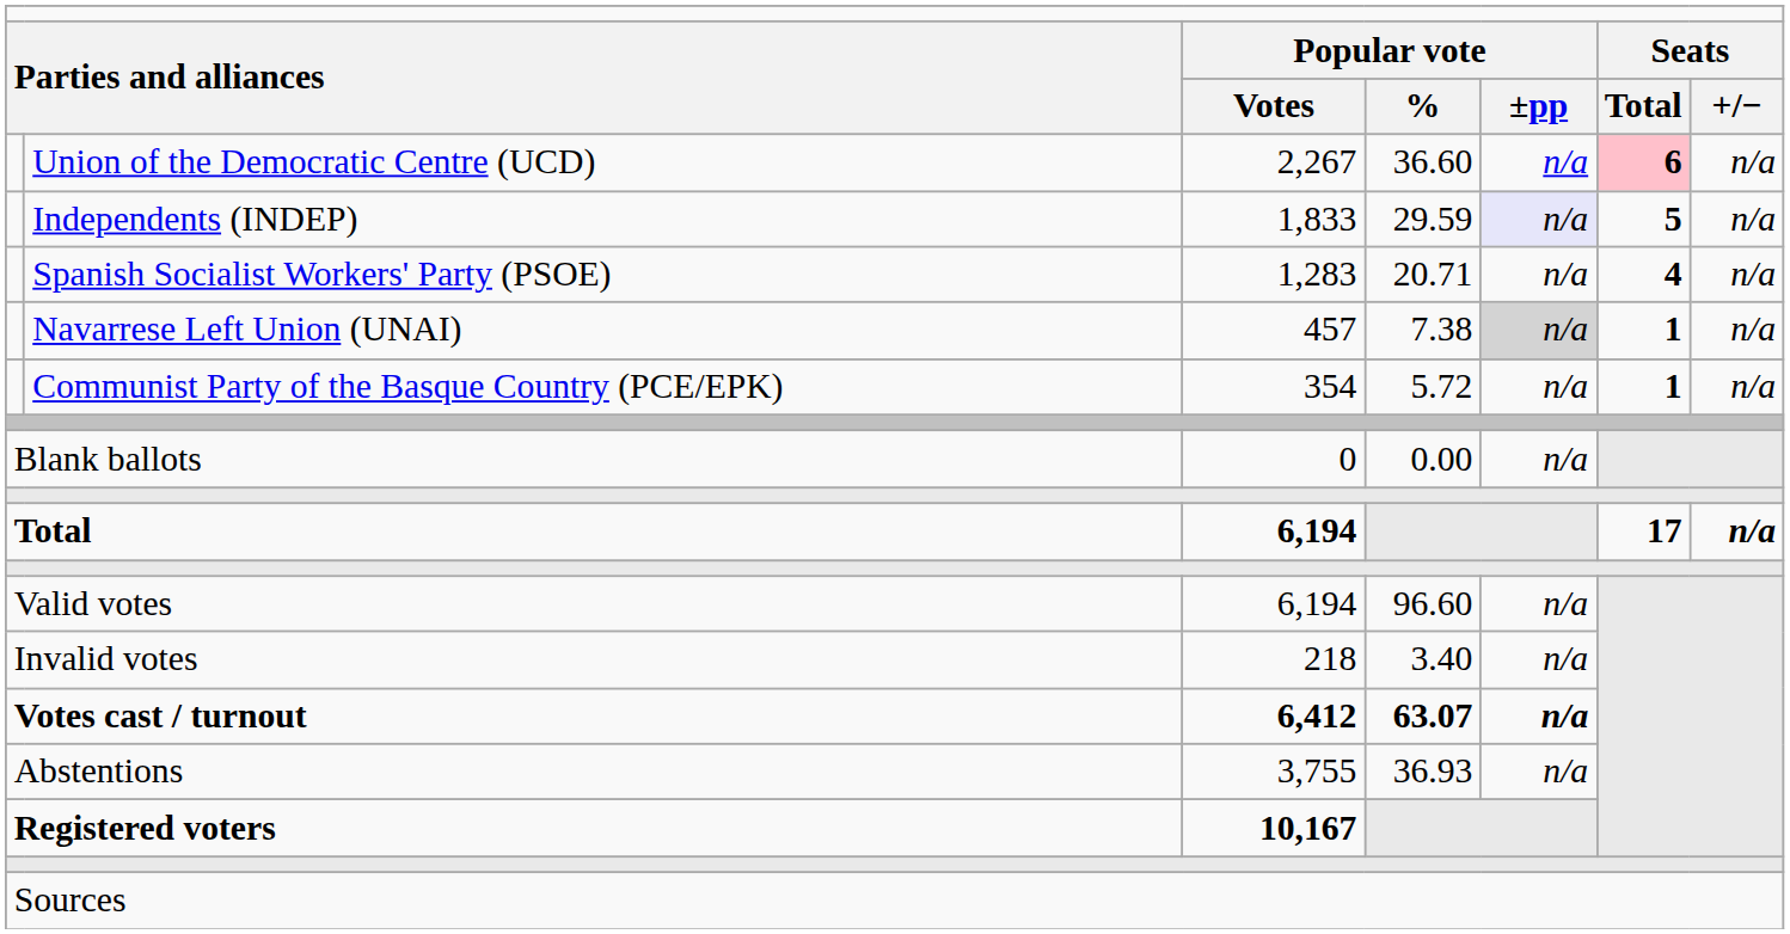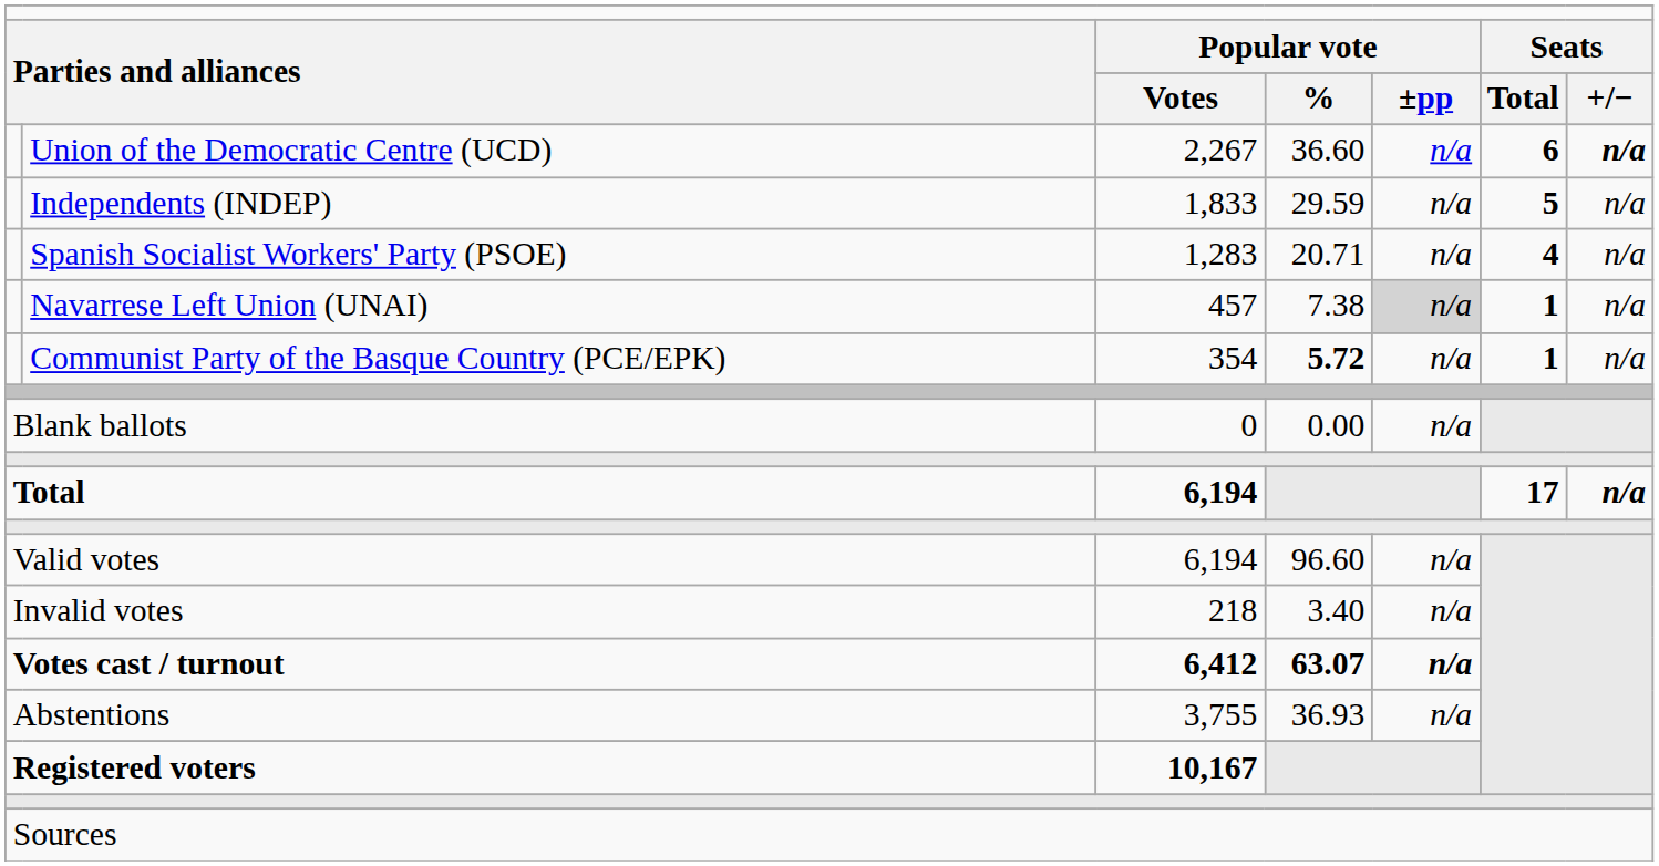 <table class="wikitable" style="text-align:right;">
 <tr>
 <td colspan="7"></td>
 </tr>
 <tr>
 <th style="text-align:left;" rowspan="2" colspan="2" width="525">Parties and alliances</th>
 <th colspan="3">Popular vote</th>
 <th colspan="2">Seats</th>
 </tr>
 <tr>
 <th width="75">Votes</th>
 <th width="45">%</th>
 <th width="45">±<a href='#'>pp</a></th>
 <th width="35">Total</th>
 <th width="35">+/−</th>
 </tr>
 <tr>
 <td width="1" style="color:inherit;background:"></td>
 <td align="left"><a href='#'>Union of the Democratic Centre</a> (UCD)</td>
 <td>2,267</td>
 <td>36.60</td>
 <td><em><a href='#'>n/a</a></em></td>
-<td style="background: pink;"><strong>6</strong></td>
-<td><em>n/a</em></td>
+<td><strong>6</strong></td>
+<td><strong><em>n/a</em></strong></td>
 </tr>
 <tr>
 <td style="color:inherit;background:"></td>
 <td align="left"><a href='#'>Independents</a> (INDEP)</td>
 <td>1,833</td>
 <td>29.59</td>
-<td style="background: lavender;"><em>n/a</em></td>
+<td><em>n/a</em></td>
 <td><strong>5</strong></td>
 <td><em>n/a</em></td>
 </tr>
 <tr>
 <td style="color:inherit;background:"></td>
 <td align="left"><a href='#'>Spanish Socialist Workers' Party</a> (PSOE)</td>
 <td>1,283</td>
 <td>20.71</td>
 <td><em>n/a</em></td>
 <td><strong>4</strong></td>
 <td><em>n/a</em></td>
 </tr>
 <tr>
 <td style="color:inherit;background:"></td>
 <td align="left"><a href='#'>Navarrese Left Union</a> (UNAI)</td>
 <td>457</td>
 <td>7.38</td>
 <td style="background: lightgrey;"><em>n/a</em></td>
 <td><strong>1</strong></td>
 <td><em>n/a</em></td>
 </tr>
 <tr>
 <td style="color:inherit;background:"></td>
 <td align="left"><a href='#'>Communist Party of the Basque Country</a> (PCE/EPK)</td>
 <td>354</td>
-<td>5.72</td>
+<td><strong>5.72</strong></td>
 <td><em>n/a</em></td>
 <td><strong>1</strong></td>
 <td><em>n/a</em></td>
 </tr>
 <tr>
 <td colspan="7" bgcolor="#C0C0C0"></td>
 </tr>
 <tr>
 <td align="left" colspan="2">Blank ballots</td>
 <td>0</td>
 <td>0.00</td>
 <td><em>n/a</em></td>
 <td bgcolor="#E9E9E9" colspan="2"></td>
 </tr>
 <tr>
 <td colspan="7" bgcolor="#E9E9E9"></td>
 </tr>
 <tr style="font-weight:bold;">
 <td align="left" colspan="2">Total</td>
 <td>6,194</td>
 <td bgcolor="#E9E9E9" colspan="2"></td>
 <td>17</td>
 <td><em>n/a</em></td>
 </tr>
 <tr>
 <td colspan="7" bgcolor="#E9E9E9"></td>
 </tr>
 <tr>
 <td align="left" colspan="2">Valid votes</td>
 <td>6,194</td>
 <td>96.60</td>
 <td><em>n/a</em></td>
 <td bgcolor="#E9E9E9" colspan="2" rowspan="5"></td>
 </tr>
 <tr>
 <td align="left" colspan="2">Invalid votes</td>
 <td>218</td>
 <td>3.40</td>
 <td><em>n/a</em></td>
 </tr>
 <tr style="font-weight:bold;">
 <td align="left" colspan="2">Votes cast / turnout</td>
 <td>6,412</td>
 <td>63.07</td>
 <td><em>n/a</em></td>
 </tr>
 <tr>
 <td align="left" colspan="2">Abstentions</td>
 <td>3,755</td>
 <td>36.93</td>
 <td><em>n/a</em></td>
 </tr>
 <tr style="font-weight:bold;">
 <td align="left" colspan="2">Registered voters</td>
 <td>10,167</td>
 <td bgcolor="#E9E9E9" colspan="2"></td>
 </tr>
 <tr>
 <td colspan="7" bgcolor="#E9E9E9"></td>
 </tr>
 <tr>
 <td align="left" colspan="7">Sources</td>
 </tr>
 </table>
